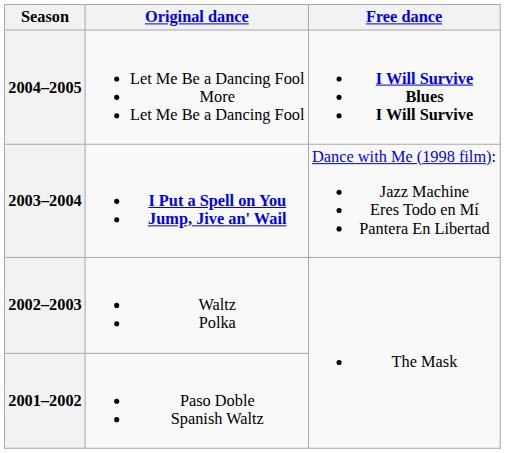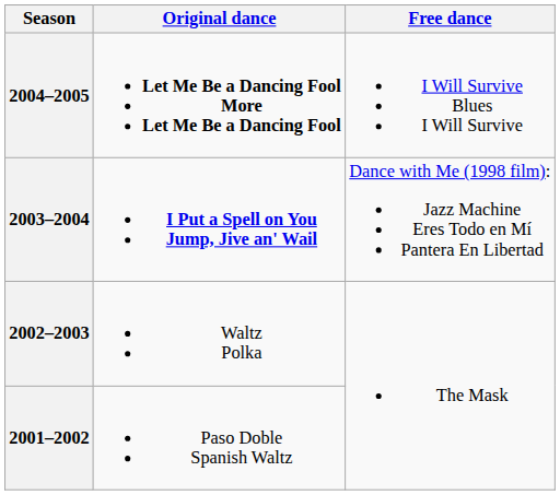 <table class=wikitable style=text-align:center>
 <tr>
 <th>Season</th>
 <th><a href='#'>Original dance</a></th>
 <th><a href='#'>Free dance</a></th>
 </tr>
 <tr>
 <th>2004–2005 <br> </th>
-<td><br><ul><li> Let Me Be a Dancing Fool</li><li> More <br></li><li> Let Me Be a Dancing Fool</li></ul></td>
-<td><strong><br><ul><li><a href='#'>I Will Survive</a> <br></li><li>Blues <br></li><li>I Will Survive <br></li></ul></strong></td>
+<td><strong><br><ul><li> Let Me Be a Dancing Fool</li><li> More <br></li><li> Let Me Be a Dancing Fool</li></ul></strong></td>
+<td><br><ul><li><a href='#'>I Will Survive</a> <br></li><li>Blues <br></li><li>I Will Survive <br></li></ul></td>
 </tr>
 <tr>
 <th>2003–2004 <br> </th>
 <td><strong><br><ul><li><a href='#'>I Put a Spell on You</a> <br></li><li><a href='#'>Jump, Jive an' Wail</a> <br></li></ul></strong></td>
 <td><a href='#'>Dance with Me (1998 film)</a>:<br><ul><li>Jazz Machine <br></li><li>Eres Todo en Mí <br></li><li>Pantera En Libertad <br></li></ul></td>
 </tr>
 <tr>
 <th>2002–2003 <br> </th>
 <td><br><ul><li>Waltz <br></li><li>Polka <br></li></ul></td>
 <td rowspan=2><br><ul><li>The Mask</li></ul></td>
 </tr>
 <tr>
 <th>2001–2002 <br> </th>
 <td><br><ul><li>Paso Doble</li><li>Spanish Waltz</li></ul></td>
 </tr>
 </table>
